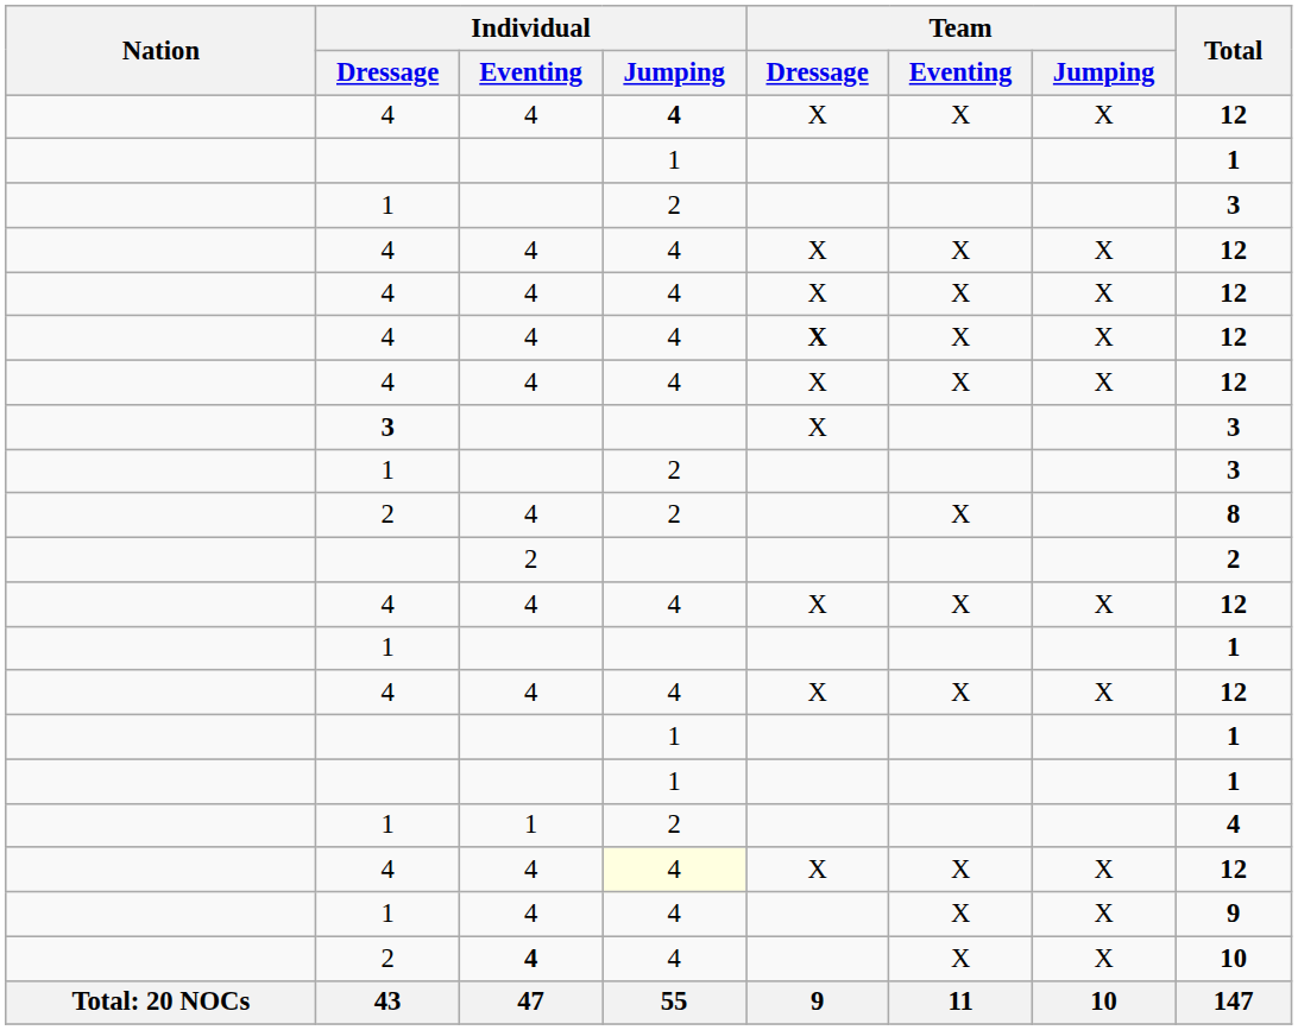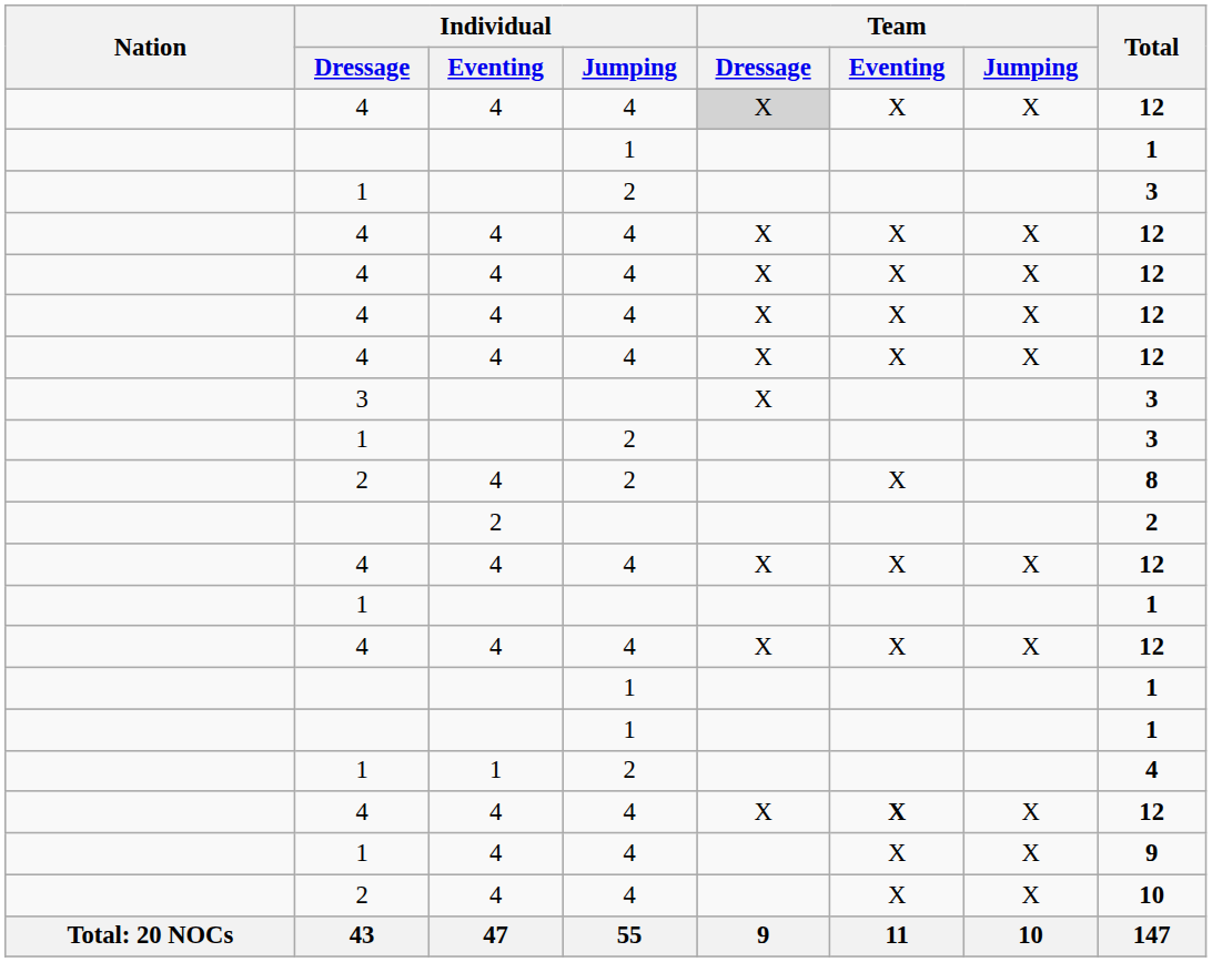 <table class="wikitable" width=690 style="text-align:center; font-size:90%">
 <tr>
 <th rowspan="2" align="left">Nation</th>
 <th colspan="3">Individual</th>
 <th colspan="3">Team</th>
 <th rowspan="2">Total</th>
 </tr>
 <tr>
 <th width=70><a href='#'>Dressage</a></th>
 <th width=70><a href='#'>Eventing</a></th>
 <th width=70><a href='#'>Jumping</a></th>
 <th width=70><a href='#'>Dressage</a></th>
 <th width=70><a href='#'>Eventing</a></th>
 <th width=70><a href='#'>Jumping</a></th>
 </tr>
 <tr>
 <td align=left></td>
 <td>4</td>
 <td>4</td>
-<td><strong>4</strong></td>
-<td>X</td>
+<td>4</td>
+<td style="background: lightgrey;">X</td>
 <td>X</td>
 <td>X</td>
 <td><strong>12</strong></td>
 </tr>
 <tr>
 <td align=left></td>
 <td></td>
 <td></td>
 <td>1</td>
 <td></td>
 <td></td>
 <td></td>
 <td><strong>1</strong></td>
 </tr>
 <tr>
 <td align=left></td>
 <td>1</td>
 <td></td>
 <td>2</td>
 <td></td>
 <td></td>
 <td></td>
 <td><strong>3</strong></td>
 </tr>
 <tr>
 <td align=left></td>
 <td>4</td>
 <td>4</td>
 <td>4</td>
 <td>X</td>
 <td>X</td>
 <td>X</td>
 <td><strong>12</strong></td>
 </tr>
 <tr>
 <td align=left></td>
 <td>4</td>
 <td>4</td>
 <td>4</td>
 <td>X</td>
 <td>X</td>
 <td>X</td>
 <td><strong>12</strong></td>
 </tr>
 <tr>
 <td align=left></td>
 <td>4</td>
 <td>4</td>
 <td>4</td>
-<td><strong>X</strong></td>
+<td>X</td>
 <td>X</td>
 <td>X</td>
 <td><strong>12</strong></td>
 </tr>
 <tr>
 <td align=left></td>
 <td>4</td>
 <td>4</td>
 <td>4</td>
 <td>X</td>
 <td>X</td>
 <td>X</td>
 <td><strong>12</strong></td>
 </tr>
 <tr>
 <td align=left></td>
-<td><strong>3</strong></td>
+<td>3</td>
 <td></td>
 <td></td>
 <td>X</td>
 <td></td>
 <td></td>
 <td><strong>3</strong></td>
 </tr>
 <tr>
 <td align=left></td>
 <td>1</td>
 <td></td>
 <td>2</td>
 <td></td>
 <td></td>
 <td></td>
 <td><strong>3</strong></td>
 </tr>
 <tr>
 <td align=left></td>
 <td>2</td>
 <td>4</td>
 <td>2</td>
 <td></td>
 <td>X</td>
 <td></td>
 <td><strong>8</strong></td>
 </tr>
 <tr>
 <td align=left></td>
 <td></td>
 <td>2</td>
 <td></td>
 <td></td>
 <td></td>
 <td></td>
 <td><strong>2</strong></td>
 </tr>
 <tr>
 <td align=left></td>
 <td>4</td>
 <td>4</td>
 <td>4</td>
 <td>X</td>
 <td>X</td>
 <td>X</td>
 <td><strong>12</strong></td>
 </tr>
 <tr>
 <td align=left></td>
 <td>1</td>
 <td></td>
 <td></td>
 <td></td>
 <td></td>
 <td></td>
 <td><strong>1</strong></td>
 </tr>
 <tr>
 <td align=left></td>
 <td>4</td>
 <td>4</td>
 <td>4</td>
 <td>X</td>
 <td>X</td>
 <td>X</td>
 <td><strong>12</strong></td>
 </tr>
 <tr>
 <td align=left></td>
 <td></td>
 <td></td>
 <td>1</td>
 <td></td>
 <td></td>
 <td></td>
 <td><strong>1</strong></td>
 </tr>
 <tr>
 <td align=left></td>
 <td></td>
 <td></td>
 <td>1</td>
 <td></td>
 <td></td>
 <td></td>
 <td><strong>1</strong></td>
 </tr>
 <tr>
 <td align=left></td>
 <td>1</td>
 <td>1</td>
 <td>2</td>
 <td></td>
 <td></td>
 <td></td>
 <td><strong>4</strong></td>
 </tr>
 <tr>
 <td align=left></td>
 <td>4</td>
 <td>4</td>
-<td style="background: lightyellow;">4</td>
+<td>4</td>
 <td>X</td>
-<td>X</td>
+<td><strong>X</strong></td>
 <td>X</td>
 <td><strong>12</strong></td>
 </tr>
 <tr>
 <td align=left></td>
 <td>1</td>
 <td>4</td>
 <td>4</td>
 <td></td>
 <td>X</td>
 <td>X</td>
 <td><strong>9</strong></td>
 </tr>
 <tr>
 <td align=left></td>
 <td>2</td>
-<td><strong>4</strong></td>
+<td>4</td>
 <td>4</td>
 <td></td>
 <td>X</td>
 <td>X</td>
 <td><strong>10</strong></td>
 </tr>
 <tr>
 <th>Total: 20 NOCs</th>
 <th>43</th>
 <th>47</th>
 <th>55</th>
 <th>9</th>
 <th>11</th>
 <th>10</th>
 <th>147</th>
 </tr>
 </table>
